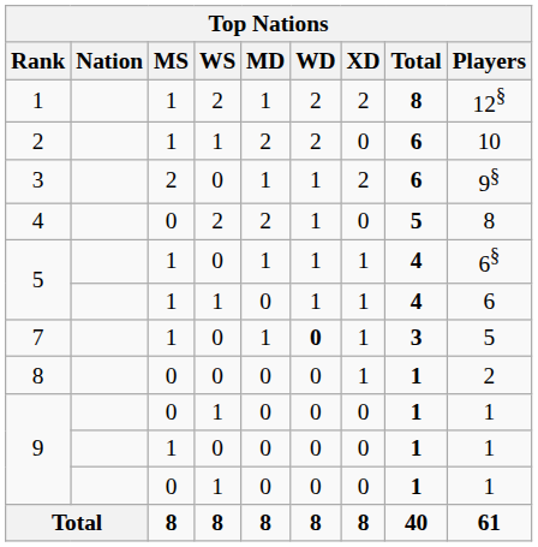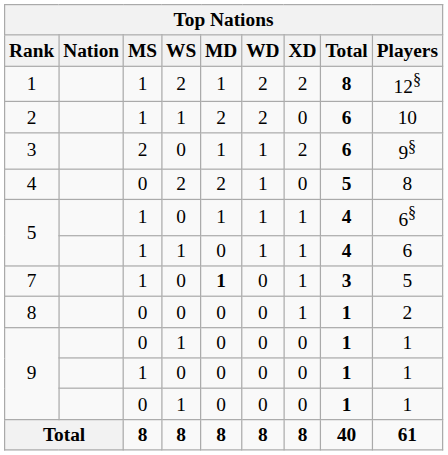 <table class="wikitable" style="text-align:center">
 <tr>
 <th colspan=10>Top Nations</th>
 </tr>
 <tr>
 <th>Rank</th>
 <th>Nation</th>
 <th>MS</th>
 <th>WS</th>
 <th>MD</th>
 <th>WD</th>
 <th>XD</th>
 <th>Total</th>
 <th>Players</th>
 </tr>
 <tr>
 <td>1</td>
 <td align=left></td>
 <td>1</td>
 <td>2</td>
 <td>1</td>
 <td>2</td>
 <td>2</td>
 <td><strong>8</strong></td>
 <td>12<sup>§</sup></td>
 </tr>
 <tr align=center>
 <td>2</td>
 <td align=left></td>
 <td>1</td>
 <td>1</td>
 <td>2</td>
 <td>2</td>
 <td>0</td>
 <td><strong>6</strong></td>
 <td>10</td>
 </tr>
 <tr>
 <td>3</td>
 <td align=left></td>
 <td>2</td>
 <td>0</td>
 <td>1</td>
 <td>1</td>
 <td>2</td>
 <td><strong>6</strong></td>
 <td>9<sup>§</sup></td>
 </tr>
 <tr align=center>
 <td>4</td>
 <td align=left></td>
 <td>0</td>
 <td>2</td>
 <td>2</td>
 <td>1</td>
 <td>0</td>
 <td><strong>5</strong></td>
 <td>8</td>
 </tr>
 <tr align=center>
 <td rowspan=2>5</td>
 <td align=left></td>
 <td>1</td>
 <td>0</td>
 <td>1</td>
 <td>1</td>
 <td>1</td>
 <td><strong>4</strong></td>
 <td>6<sup>§</sup></td>
 </tr>
 <tr align=center>
 <td align=left></td>
 <td>1</td>
 <td>1</td>
 <td>0</td>
 <td>1</td>
 <td>1</td>
 <td><strong>4</strong></td>
 <td>6</td>
 </tr>
 <tr align=center>
 <td>7</td>
 <td align=left></td>
 <td>1</td>
 <td>0</td>
-<td>1</td>
-<td><strong>0</strong></td>
+<td><strong>1</strong></td>
+<td>0</td>
 <td>1</td>
 <td><strong>3</strong></td>
 <td>5</td>
 </tr>
 <tr align=center>
 <td>8</td>
 <td align=left></td>
 <td>0</td>
 <td>0</td>
 <td>0</td>
 <td>0</td>
 <td>1</td>
 <td><strong>1</strong></td>
 <td>2</td>
 </tr>
 <tr align=center>
 <td rowspan=3>9</td>
 <td align=left></td>
 <td>0</td>
 <td>1</td>
 <td>0</td>
 <td>0</td>
 <td>0</td>
 <td><strong>1</strong></td>
 <td>1</td>
 </tr>
 <tr align=center>
 <td align=left></td>
 <td>1</td>
 <td>0</td>
 <td>0</td>
 <td>0</td>
 <td>0</td>
 <td><strong>1</strong></td>
 <td>1</td>
 </tr>
 <tr align=center>
 <td align=left></td>
 <td>0</td>
 <td>1</td>
 <td>0</td>
 <td>0</td>
 <td>0</td>
 <td><strong>1</strong></td>
 <td>1</td>
 </tr>
 <tr>
 <th colspan=2>Total</th>
 <td><strong>8</strong></td>
 <td><strong>8</strong></td>
 <td><strong>8</strong></td>
 <td><strong>8</strong></td>
 <td><strong>8</strong></td>
 <td><strong>40</strong></td>
 <td><strong>61</strong></td>
 </tr>
 </table>
